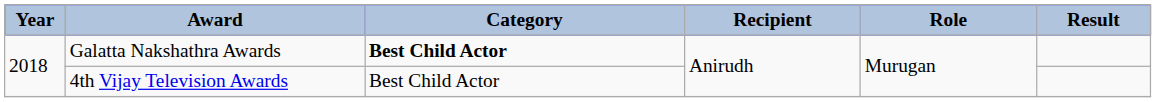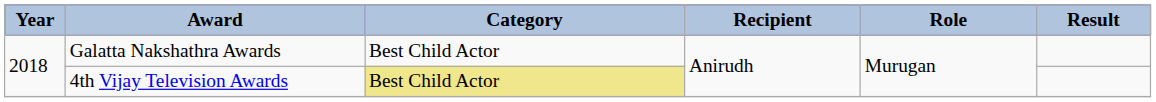 <table class="wikitable" width="75%">
 <tr bgcolor="blue">
 <th style="width:20pt; background:LightSteelBlue;">Year</th>
 <th style="width:140pt; background:LightSteelBlue;">Award</th>
 <th style="width:150pt; background:LightSteelBlue;">Category</th>
 <th style="width:80pt; background:LightSteelBlue;">Recipient</th>
 <th style="width:80pt; background:LightSteelBlue;">Role</th>
 <th style="width:50pt; background:LightSteelBlue;">Result</th>
 </tr>
 <tr>
 <td rowspan="2">2018</td>
 <td rowspan="1">Galatta Nakshathra Awards</td>
-<td><strong>Best Child Actor</strong></td>
+<td>Best Child Actor</td>
 <td rowspan="2">Anirudh</td>
 <td rowspan="2">Murugan</td>
 <td></td>
 </tr>
 <tr>
 <td rowspan="1">4th <a href='#'>Vijay Television Awards</a></td>
-<td>Best Child Actor</td>
+<td style="background: khaki;">Best Child Actor</td>
 <td></td>
 </tr>
 <tr>
 </tr>
 </table>
